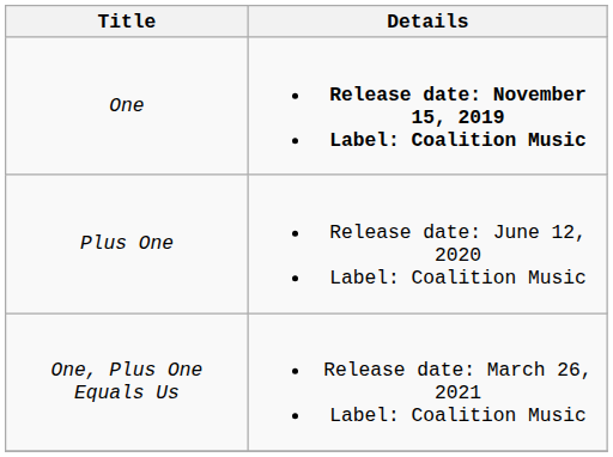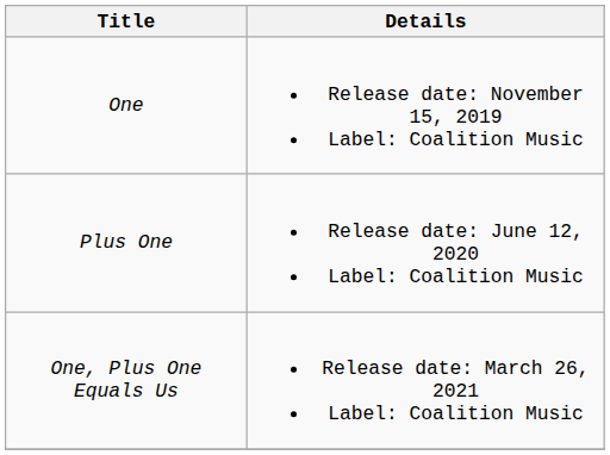 <table class="wikitable plainrowheaders" style="text-align:center;">
 <tr>
 <th style="width:12em;">Title</th>
 <th style="width:18em;">Details</th>
 </tr>
 <tr>
 <td scope="row"><em>One</em></td>
-<td><strong><br><ul><li>Release date: November 15, 2019</li><li>Label: Coalition Music</li></ul></strong></td>
+<td><br><ul><li>Release date: November 15, 2019</li><li>Label: Coalition Music</li></ul></td>
 </tr>
 <tr>
 <td><em>Plus One</em></td>
 <td><br><ul><li>Release date: June 12, 2020</li><li>Label: Coalition Music</li></ul></td>
 </tr>
 <tr>
 <td><em>One, Plus One Equals Us</em></td>
 <td><br><ul><li>Release date: March 26, 2021</li><li>Label: Coalition Music</li></ul></td>
 </tr>
 <tr>
 </tr>
 </table>
